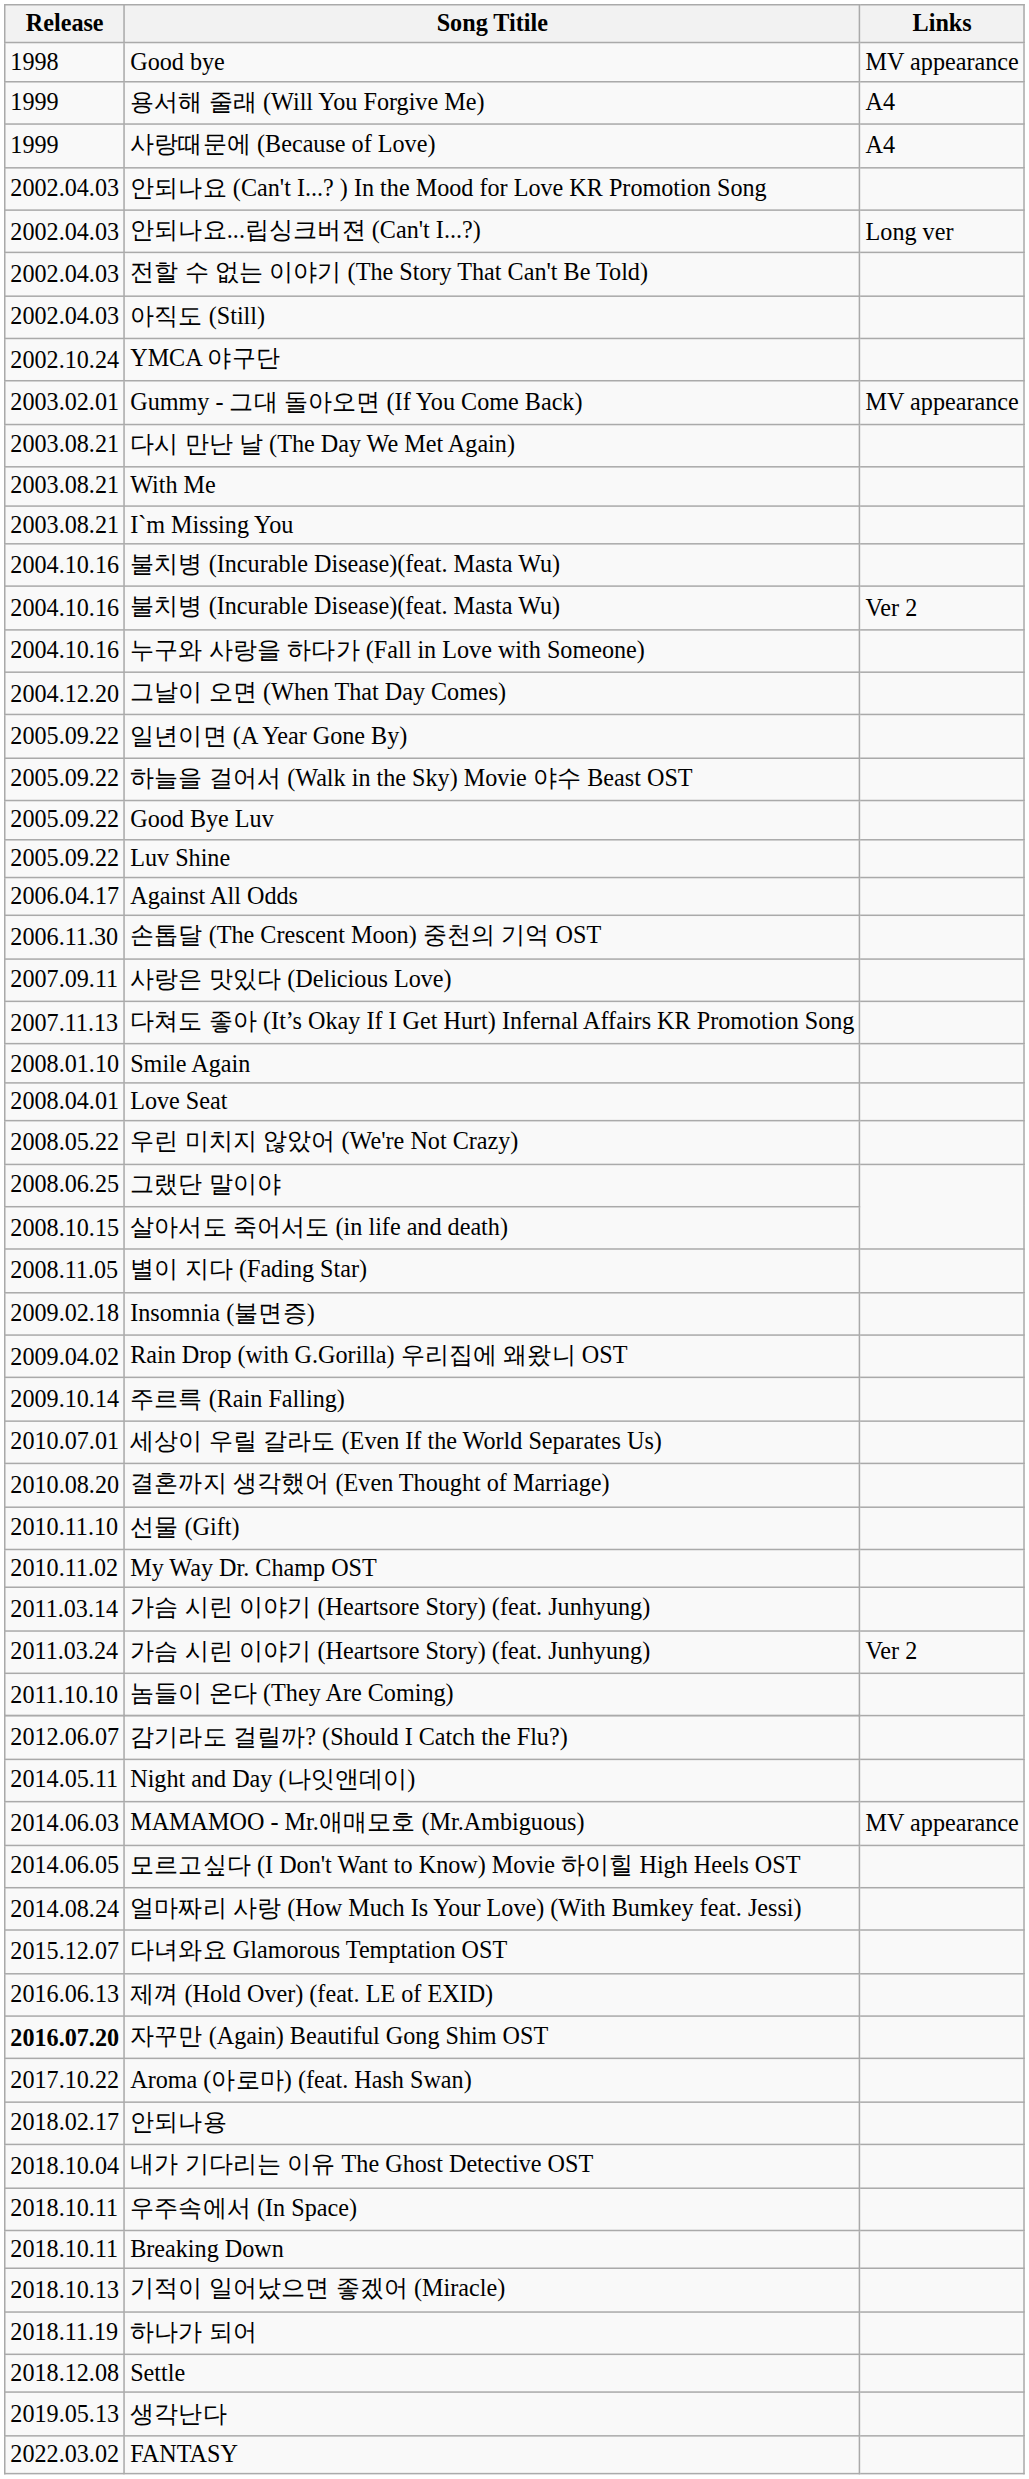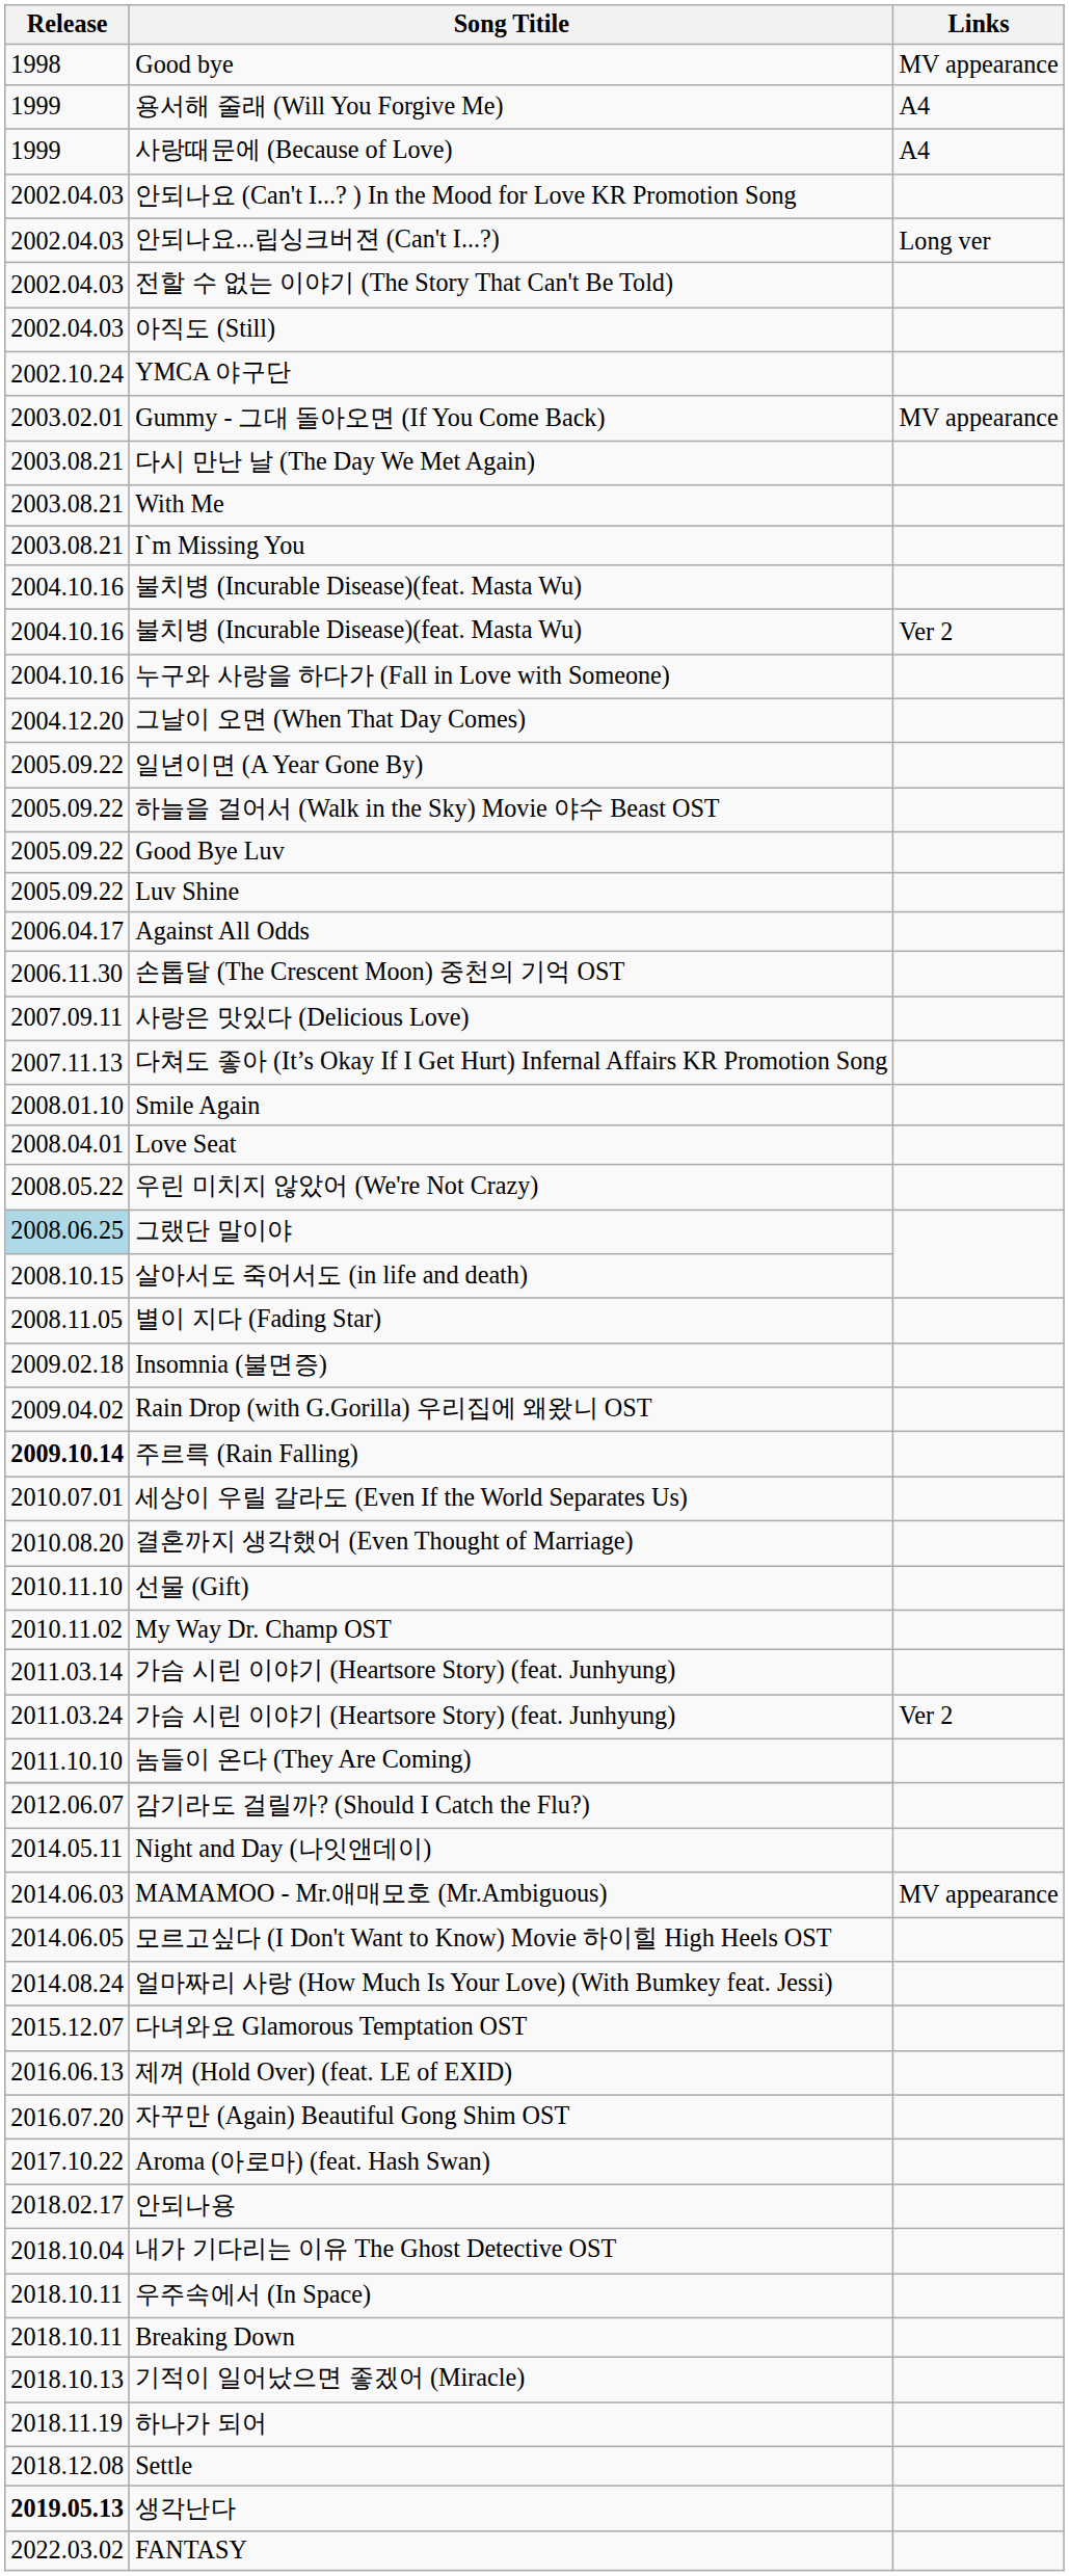 <table class="wikitable">
 <tr>
 <th>Release</th>
 <th>Song Titile</th>
 <th>Links</th>
 </tr>
 <tr>
 <td>1998</td>
 <td>Good bye</td>
 <td>MV appearance </td>
 </tr>
 <tr>
 <td>1999</td>
 <td>용서해 줄래 (Will You Forgive Me)</td>
 <td>A4  </td>
 </tr>
 <tr>
 <td>1999</td>
 <td>사랑때문에 (Because of Love)</td>
 <td>A4  </td>
 </tr>
 <tr>
 <td>2002.04.03</td>
 <td>안되나요 (Can't I...? ) In the Mood for Love KR Promotion Song</td>
 <td></td>
 </tr>
 <tr>
 <td>2002.04.03</td>
 <td>안되나요...립싱크버젼 (Can't I...?)</td>
 <td>Long ver </td>
 </tr>
 <tr>
 <td>2002.04.03</td>
 <td>전할 수 없는 이야기 (The Story That Can't Be Told)</td>
 <td></td>
 </tr>
 <tr>
 <td>2002.04.03</td>
 <td>아직도 (Still)</td>
 <td></td>
 </tr>
 <tr>
 <td>2002.10.24</td>
 <td>YMCA 야구단</td>
 </tr>
 <tr>
 <td>2003.02.01</td>
 <td>Gummy - 그대 돌아오면 (If You Come Back)</td>
 <td>MV appearance </td>
 </tr>
 <tr>
 <td>2003.08.21</td>
 <td>다시 만난 날 (The Day We Met Again)</td>
 <td></td>
 </tr>
 <tr>
 <td>2003.08.21</td>
 <td>With Me</td>
 <td></td>
 </tr>
 <tr>
 <td>2003.08.21</td>
 <td>I`m Missing You</td>
 <td></td>
 </tr>
 <tr>
 <td>2004.10.16</td>
 <td>불치병 (Incurable Disease)(feat. Masta Wu)</td>
 <td></td>
 </tr>
 <tr>
 <td>2004.10.16</td>
 <td>불치병 (Incurable Disease)(feat. Masta Wu)</td>
 <td>Ver 2</td>
 </tr>
 <tr>
 <td>2004.10.16</td>
 <td>누구와 사랑을 하다가 (Fall in Love with Someone)</td>
 <td></td>
 </tr>
 <tr>
 <td>2004.12.20</td>
 <td>그날이 오면 (When That Day Comes)</td>
 </tr>
 <tr>
 <td>2005.09.22</td>
 <td>일년이면 (A Year Gone By)</td>
 <td></td>
 </tr>
 <tr>
 <td>2005.09.22</td>
 <td>하늘을 걸어서 (Walk in the Sky) Movie 야수 Beast OST</td>
 <td></td>
 </tr>
 <tr>
 <td>2005.09.22</td>
 <td>Good Bye Luv</td>
 <td></td>
 </tr>
 <tr>
 <td>2005.09.22</td>
 <td>Luv Shine</td>
 <td></td>
 </tr>
 <tr>
 <td>2006.04.17</td>
 <td>Against All Odds</td>
 <td></td>
 </tr>
 <tr>
 <td>2006.11.30</td>
 <td>손톱달 (The Crescent Moon) 중천의 기억  OST</td>
 <td></td>
 </tr>
 <tr>
 <td>2007.09.11</td>
 <td>사랑은 맛있다 (Delicious Love)</td>
 <td></td>
 </tr>
 <tr>
 <td>2007.11.13</td>
 <td>다쳐도 좋아 (It’s Okay If I Get Hurt) Infernal Affairs KR Promotion Song</td>
 <td></td>
 </tr>
 <tr>
 <td>2008.01.10</td>
 <td>Smile Again</td>
 <td></td>
 </tr>
 <tr>
 <td>2008.04.01</td>
 <td>Love Seat</td>
 </tr>
 <tr>
 <td>2008.05.22</td>
 <td>우린 미치지 않았어 (We're Not Crazy)</td>
 <td></td>
 </tr>
 <tr>
-<td>2008.06.25</td>
+<td style="background: lightblue;">2008.06.25</td>
 <td>그랬단 말이야</td>
 </tr>
 <tr>
 <td>2008.10.15</td>
 <td>살아서도 죽어서도 (in life and death)</td>
 </tr>
 <tr>
 <td>2008.11.05</td>
 <td>별이 지다 (Fading Star)</td>
 <td></td>
 </tr>
 <tr>
 <td>2009.02.18</td>
 <td>Insomnia (불면증)</td>
 <td></td>
 </tr>
 <tr>
 <td>2009.04.02</td>
 <td>Rain Drop (with G.Gorilla) 우리집에 왜왔니 OST</td>
 <td></td>
 </tr>
 <tr>
-<td>2009.10.14</td>
+<td><strong>2009.10.14</strong></td>
 <td>주르륵 (Rain Falling)</td>
 <td></td>
 </tr>
 <tr>
 <td>2010.07.01</td>
 <td>세상이 우릴 갈라도 (Even If the World Separates Us)</td>
 <td></td>
 </tr>
 <tr>
 <td>2010.08.20</td>
 <td>결혼까지 생각했어 (Even Thought of Marriage)</td>
 <td></td>
 </tr>
 <tr>
 <td>2010.11.10</td>
 <td>선물 (Gift)</td>
 <td></td>
 </tr>
 <tr>
 <td>2010.11.02</td>
 <td>My Way Dr. Champ OST</td>
 <td></td>
 </tr>
 <tr>
 <td>2011.03.14</td>
 <td>가슴 시린 이야기 (Heartsore Story) (feat. Junhyung)</td>
 <td></td>
 </tr>
 <tr>
 <td>2011.03.24</td>
 <td>가슴 시린 이야기 (Heartsore Story) (feat. Junhyung)</td>
 <td>Ver 2 </td>
 </tr>
 <tr>
 <td>2011.10.10</td>
 <td>놈들이 온다 (They Are Coming)</td>
 <td></td>
 </tr>
 <tr>
 </tr>
 <tr>
 <td>2012.06.07</td>
 <td>감기라도 걸릴까? (Should I Catch the Flu?)</td>
 </tr>
 <tr>
 <td>2014.05.11</td>
 <td>Night and Day (나잇앤데이)</td>
 <td></td>
 </tr>
 <tr>
 <td>2014.06.03</td>
 <td>MAMAMOO - Mr.애매모호 (Mr.Ambiguous)</td>
 <td>MV appearance </td>
 </tr>
 <tr>
 <td>2014.06.05</td>
 <td>모르고싶다 (I Don't Want to Know) Movie 하이힐 High Heels OST</td>
 <td></td>
 </tr>
 <tr>
 <td>2014.08.24</td>
 <td>얼마짜리 사랑 (How Much Is Your Love) (With Bumkey feat. Jessi)</td>
 <td></td>
 </tr>
 <tr>
 <td>2015.12.07</td>
 <td>다녀와요 Glamorous Temptation OST</td>
 <td></td>
 </tr>
 <tr>
 <td>2016.06.13</td>
 <td>제껴 (Hold Over) (feat. LE of EXID)</td>
 <td></td>
 </tr>
 <tr>
-<td><strong>2016.07.20</strong></td>
+<td>2016.07.20</td>
 <td>자꾸만 (Again) Beautiful Gong Shim OST</td>
 <td></td>
 </tr>
 <tr>
 <td>2017.10.22</td>
 <td>Aroma (아로마) (feat. Hash Swan)</td>
 <td></td>
 </tr>
 <tr>
 <td>2018.02.17</td>
 <td>안되나용</td>
 <td></td>
 </tr>
 <tr>
 <td>2018.10.04</td>
 <td>내가 기다리는 이유 The Ghost Detective OST</td>
 <td></td>
 </tr>
 <tr>
 <td>2018.10.11</td>
 <td>우주속에서 (In Space)</td>
 <td></td>
 </tr>
 <tr>
 <td>2018.10.11</td>
 <td>Breaking Down</td>
 <td></td>
 </tr>
 <tr>
 <td>2018.10.13</td>
 <td>기적이 일어났으면 좋겠어 (Miracle)</td>
 <td></td>
 </tr>
 <tr>
 <td>2018.11.19</td>
 <td>하나가 되어</td>
 <td></td>
 </tr>
 <tr>
 <td>2018.12.08</td>
 <td>Settle</td>
 <td></td>
 </tr>
 <tr>
-<td>2019.05.13</td>
+<td><strong>2019.05.13</strong></td>
 <td>생각난다</td>
 <td></td>
 </tr>
 <tr>
 <td>2022.03.02</td>
 <td>FANTASY</td>
 <td></td>
 </tr>
 </table>
